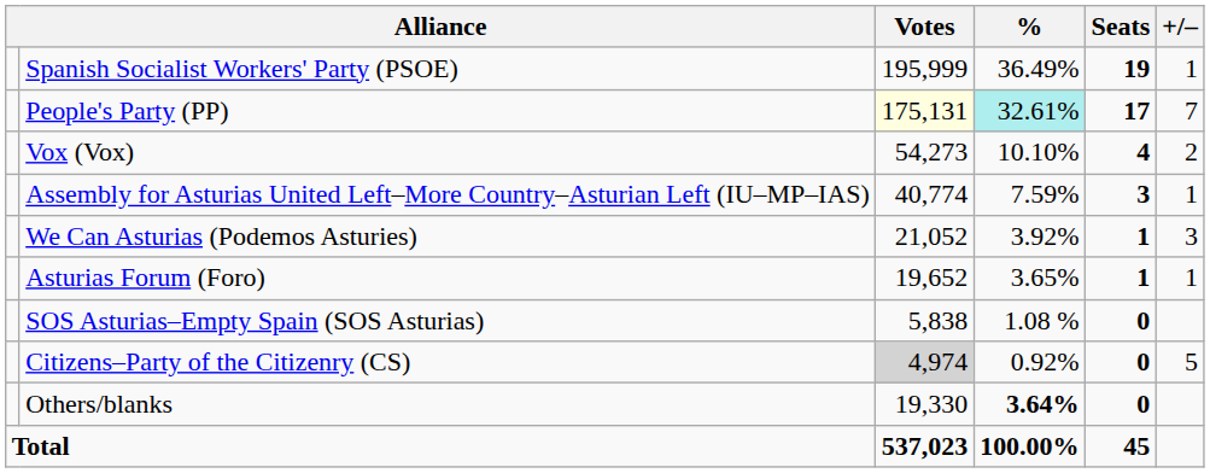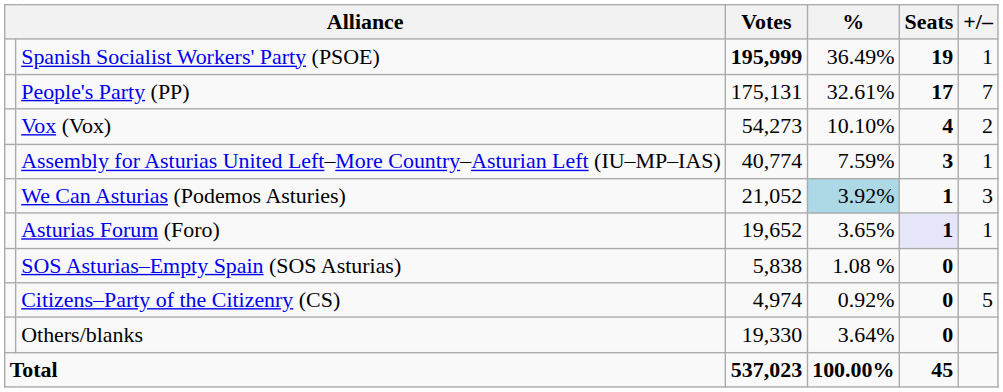 <table class="wikitable" style="font-size:100%; text-align:right;">
 <tr>
 <th colspan="2">Alliance</th>
 <th>Votes</th>
 <th>%</th>
 <th>Seats</th>
 <th>+/–</th>
 </tr>
 <tr>
 <td width="1"></td>
 <td align="left"><a href='#'>Spanish Socialist Workers' Party</a> (PSOE)</td>
-<td>195,999</td>
+<td><strong>195,999</strong></td>
 <td>36.49%</td>
 <td><strong>19</strong></td>
 <td>1</td>
 </tr>
 <tr>
 <td></td>
 <td align="left"><a href='#'>People's Party</a> (PP)</td>
-<td style="background: lightyellow;">175,131</td>
-<td style="background: paleturquoise;">32.61%</td>
+<td>175,131</td>
+<td>32.61%</td>
 <td><strong>17</strong></td>
 <td>7</td>
 </tr>
 <tr>
 <td></td>
 <td align="left"><a href='#'>Vox</a> (Vox)</td>
 <td>54,273</td>
 <td>10.10%</td>
 <td><strong>4</strong></td>
 <td>2</td>
 </tr>
 <tr>
 <td></td>
 <td align="left"><a href='#'>Assembly for Asturias United Left</a>–<a href='#'>More Country</a>–<a href='#'>Asturian Left</a> (IU–MP–IAS)</td>
 <td>40,774</td>
 <td>7.59%</td>
 <td><strong>3</strong></td>
 <td>1</td>
 </tr>
 <tr>
 <td></td>
 <td align="left"><a href='#'>We Can Asturias</a> (Podemos Asturies)</td>
 <td>21,052</td>
-<td>3.92%</td>
+<td style="background: lightblue;">3.92%</td>
 <td><strong>1</strong></td>
 <td>3</td>
 </tr>
 <tr>
 <td></td>
 <td align="left"><a href='#'>Asturias Forum</a> (Foro)</td>
 <td>19,652</td>
 <td>3.65%</td>
-<td><strong>1</strong></td>
+<td style="background: lavender;"><strong>1</strong></td>
 <td>1</td>
 </tr>
 <tr>
 <td></td>
 <td align="left"><a href='#'>SOS Asturias–Empty Spain</a> (SOS Asturias)</td>
 <td>5,838</td>
 <td>1.08 %</td>
 <td><strong>0</strong></td>
 <td></td>
 </tr>
 <tr>
 <td></td>
 <td align="left"><a href='#'>Citizens–Party of the Citizenry</a> (CS)</td>
-<td style="background: lightgrey;">4,974</td>
+<td>4,974</td>
 <td>0.92%</td>
 <td><strong>0</strong></td>
 <td>5</td>
 </tr>
 <tr>
 <td></td>
 <td align=left>Others/blanks</td>
 <td>19,330</td>
-<td><strong>3.64%</strong></td>
+<td>3.64%</td>
 <td><strong>0</strong></td>
 <td></td>
 </tr>
 <tr style="font-weight:bold">
 <td colspan="2" align=left>Total</td>
 <td>537,023</td>
 <td>100.00%</td>
 <td>45</td>
 <td></td>
 </tr>
 </table>
